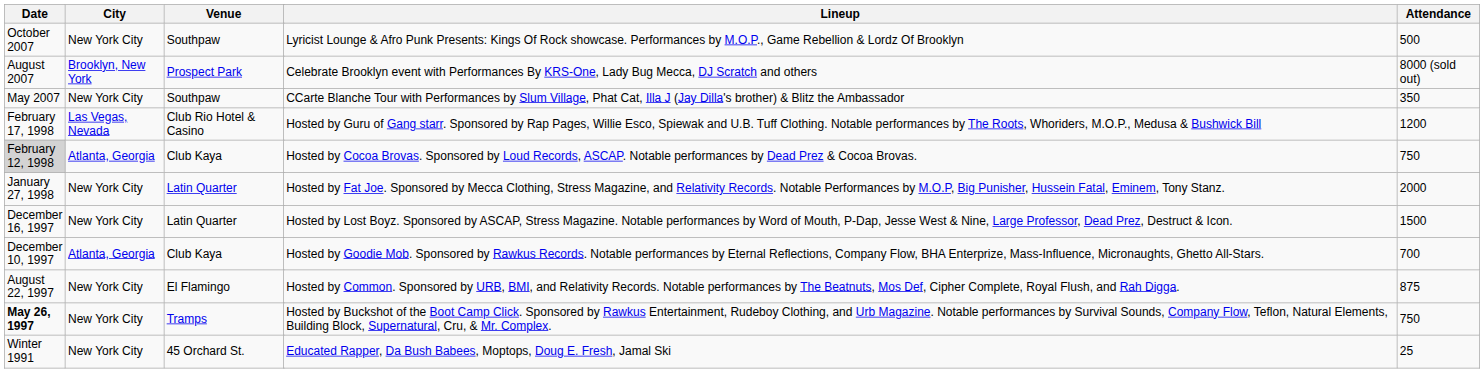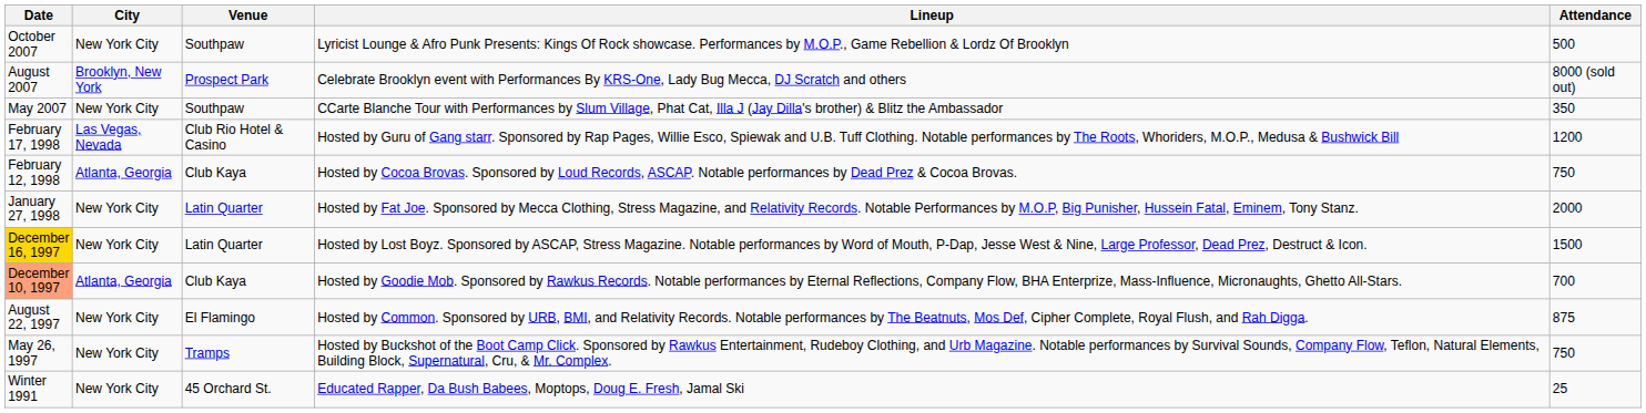 <table class="wikitable">
 <tr>
 <th style="width:50px;">Date</th>
 <th colspan=12>City</th>
 <th colspan=12>Venue</th>
 <th colspan=12>Lineup</th>
 <th colspan=12>Attendance</th>
 </tr>
 <tr>
 <td>October 2007</td>
 <td colspan=12>New York City</td>
 <td colspan=12>Southpaw</td>
 <td colspan=12>Lyricist Lounge & Afro Punk Presents: Kings Of Rock showcase.  Performances by <a href='#'>M.O.P</a>., Game Rebellion & Lordz Of Brooklyn</td>
 <td colspan=12>500</td>
 </tr>
 <tr>
 <td>August 2007</td>
 <td colspan=12><a href='#'>Brooklyn, New York</a></td>
 <td colspan=12><a href='#'>Prospect Park</a></td>
 <td colspan=12>Celebrate Brooklyn event with Performances By <a href='#'>KRS-One</a>, Lady Bug Mecca, <a href='#'>DJ Scratch</a> and others</td>
 <td colspan=12>8000 (sold out)</td>
 </tr>
 <tr>
 <td>May 2007</td>
 <td colspan=12>New York City</td>
 <td colspan=12>Southpaw</td>
 <td colspan=12>CCarte Blanche Tour with Performances by <a href='#'>Slum Village</a>, Phat Cat, <a href='#'>Illa J</a> (<a href='#'>Jay Dilla</a>'s brother) & Blitz the Ambassador</td>
 <td colspan=12>350</td>
 </tr>
 <tr>
 <td>February 17, 1998</td>
 <td colspan=12><a href='#'>Las Vegas, Nevada</a></td>
 <td colspan=12>Club Rio Hotel & Casino</td>
 <td colspan=12>Hosted by Guru of <a href='#'>Gang starr</a>.  Sponsored by Rap Pages, Willie Esco, Spiewak and U.B. Tuff Clothing.  Notable performances by <a href='#'>The Roots</a>, Whoriders, M.O.P., Medusa & <a href='#'>Bushwick Bill</a></td>
 <td colspan=12>1200</td>
 </tr>
 <tr>
-<td style="background: lightgrey;">February 12, 1998</td>
+<td>February 12, 1998</td>
 <td colspan=12><a href='#'>Atlanta, Georgia</a></td>
 <td colspan=12>Club Kaya</td>
 <td colspan=12>Hosted by <a href='#'>Cocoa Brovas</a>.  Sponsored by <a href='#'>Loud Records</a>, <a href='#'>ASCAP</a>.  Notable performances by <a href='#'>Dead Prez</a> & Cocoa Brovas.</td>
 <td colspan=12>750</td>
 </tr>
 <tr>
 <td>January 27, 1998</td>
 <td colspan=12>New York City</td>
 <td colspan=12><a href='#'>Latin Quarter</a></td>
 <td colspan=12>Hosted by <a href='#'>Fat Joe</a>.  Sponsored by Mecca Clothing, Stress Magazine, and <a href='#'>Relativity Records</a>.  Notable Performances by <a href='#'>M.O.P</a>, <a href='#'>Big Punisher</a>, <a href='#'>Hussein Fatal</a>, <a href='#'>Eminem</a>, Tony Stanz.</td>
 <td colspan=12>2000</td>
 </tr>
 <tr>
-<td>December 16, 1997</td>
+<td style="background: gold;">December 16, 1997</td>
 <td colspan=12>New York City</td>
 <td colspan=12>Latin Quarter</td>
 <td colspan=12>Hosted by Lost Boyz.  Sponsored by ASCAP, Stress Magazine.  Notable performances by Word of Mouth, P-Dap, Jesse West & Nine, <a href='#'>Large Professor</a>, <a href='#'>Dead Prez</a>, Destruct & Icon.</td>
 <td colspan=12>1500</td>
 </tr>
 <tr>
-<td>December 10, 1997</td>
+<td style="background: lightsalmon;">December 10, 1997</td>
 <td colspan=12><a href='#'>Atlanta, Georgia</a></td>
 <td colspan=12>Club Kaya</td>
 <td colspan=12>Hosted by <a href='#'>Goodie Mob</a>.  Sponsored by <a href='#'>Rawkus Records</a>.  Notable performances by Eternal Reflections, Company Flow, BHA Enterprize, Mass-Influence, Micronaughts, Ghetto All-Stars.</td>
 <td colspan=12>700</td>
 </tr>
 <tr>
 <td>August 22, 1997</td>
 <td colspan=12>New York City</td>
 <td colspan=12>El Flamingo</td>
 <td colspan=12>Hosted by <a href='#'>Common</a>.  Sponsored by <a href='#'>URB</a>, <a href='#'>BMI</a>, and Relativity Records.  Notable performances by <a href='#'>The Beatnuts</a>, <a href='#'>Mos Def</a>, Cipher Complete, Royal Flush, and <a href='#'>Rah Digga</a>.</td>
 <td colspan=12>875</td>
 </tr>
 <tr>
-<td><strong>May 26, 1997</strong></td>
+<td>May 26, 1997</td>
 <td colspan=12>New York City</td>
 <td colspan=12><a href='#'>Tramps</a></td>
 <td colspan=12>Hosted by Buckshot of the <a href='#'>Boot Camp Click</a>.  Sponsored by <a href='#'>Rawkus</a> Entertainment, Rudeboy Clothing, and <a href='#'>Urb Magazine</a>.  Notable performances by Survival Sounds, <a href='#'>Company Flow</a>, Teflon, Natural Elements, Building Block, <a href='#'>Supernatural</a>, Cru, & <a href='#'>Mr. Complex</a>.</td>
 <td colspan=12>750</td>
 </tr>
 <tr>
 <td>Winter 1991</td>
 <td colspan=12>New York City</td>
 <td colspan=12>45 Orchard St.</td>
 <td colspan=12><a href='#'>Educated Rapper</a>, <a href='#'>Da Bush Babees</a>, Moptops, <a href='#'>Doug E. Fresh</a>, Jamal Ski</td>
 <td colspan=12>25</td>
 </tr>
 </table>
